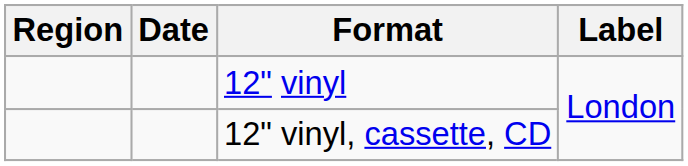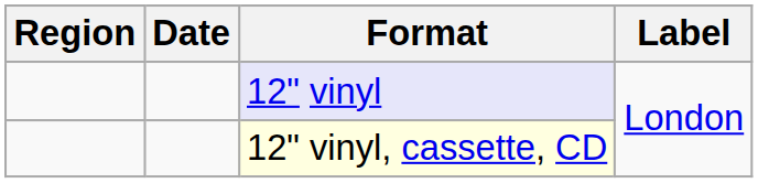 <table class="wikitable">
 <tr>
 <th>Region</th>
 <th>Date</th>
 <th>Format</th>
 <th>Label</th>
 </tr>
 <tr>
 <td></td>
 <td></td>
-<td><a href='#'>12"</a> <a href='#'>vinyl</a></td>
+<td style="background: lavender;"><a href='#'>12"</a> <a href='#'>vinyl</a></td>
 <td rowspan="2"><a href='#'>London</a></td>
 </tr>
 <tr>
 <td></td>
 <td></td>
-<td>12" vinyl, <a href='#'>cassette</a>, <a href='#'>CD</a></td>
+<td style="background: lightyellow;">12" vinyl, <a href='#'>cassette</a>, <a href='#'>CD</a></td>
 </tr>
 </table>
